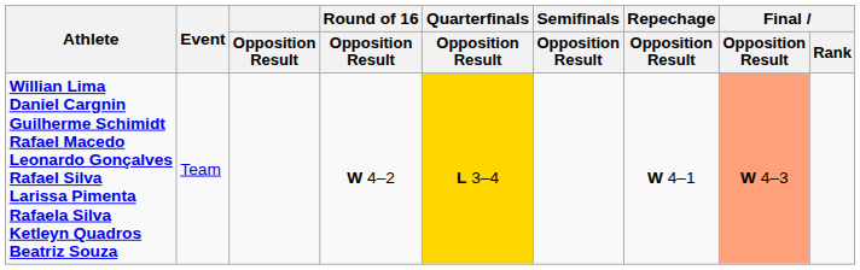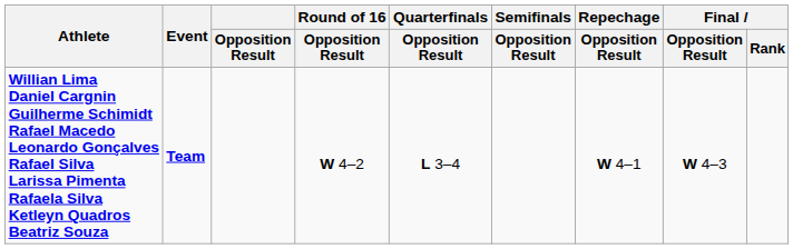 <table class="wikitable" style="font-size:90%">
 <tr>
 <th rowspan="2">Athlete</th>
 <th rowspan="2">Event</th>
 <th></th>
 <th>Round of 16</th>
 <th>Quarterfinals</th>
 <th>Semifinals</th>
 <th>Repechage</th>
 <th colspan=2>Final / </th>
 </tr>
 <tr style="font-size:95%">
 <th>Opposition<br>Result</th>
 <th>Opposition<br>Result</th>
 <th>Opposition<br>Result</th>
 <th>Opposition<br>Result</th>
 <th>Opposition<br>Result</th>
 <th>Opposition<br>Result</th>
 <th>Rank</th>
 </tr>
 <tr align=center>
 <td align=left><strong><a href='#'>Willian Lima</a><br><a href='#'>Daniel Cargnin</a><br><a href='#'>Guilherme Schimidt</a><br><a href='#'>Rafael Macedo</a><br><a href='#'>Leonardo Gonçalves</a><br><a href='#'>Rafael Silva</a><br><a href='#'>Larissa Pimenta</a><br><a href='#'>Rafaela Silva</a><br><a href='#'>Ketleyn Quadros</a><br><a href='#'>Beatriz Souza</a></strong></td>
-<td align=left><a href='#'>Team</a></td>
+<td align=left><strong><a href='#'>Team</a></strong></td>
 <td></td>
 <td><br><strong>W</strong> 4–2</td>
-<td style="background: gold;"><br><strong>L</strong> 3–4</td>
+<td><br><strong>L</strong> 3–4</td>
 <td></td>
 <td><br><strong>W</strong> 4–1</td>
-<td style="background: lightsalmon;"><br><strong>W</strong> 4–3</td>
+<td><br><strong>W</strong> 4–3</td>
 <td></td>
 </tr>
 </table>
